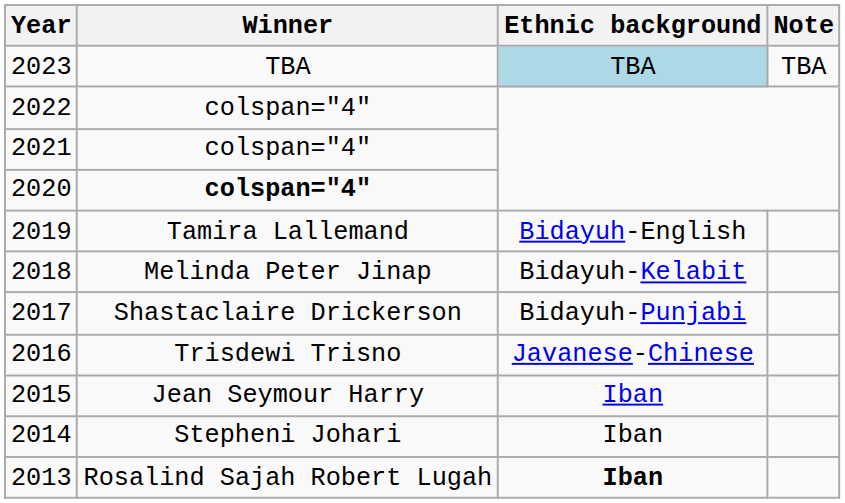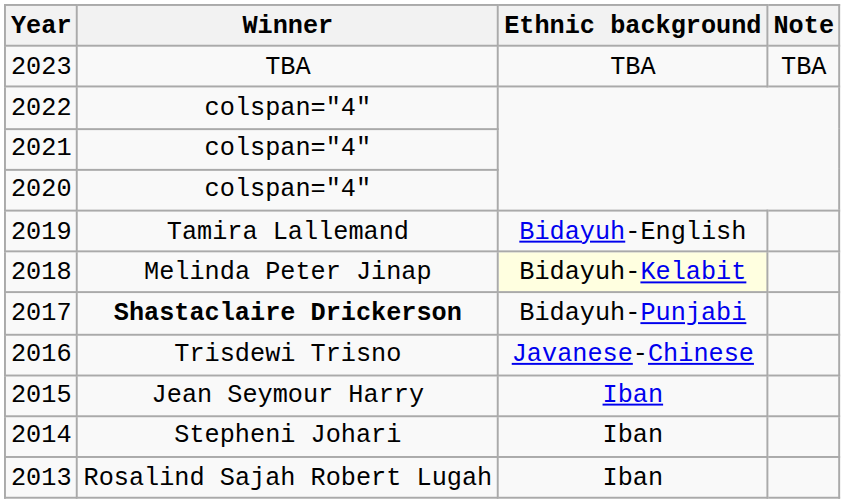 <table class="wikitable" style="text-align:center">
 <tr>
 <th>Year</th>
 <th>Winner</th>
 <th>Ethnic background</th>
 <th>Note</th>
 </tr>
 <tr>
 <td>2023</td>
 <td>TBA</td>
-<td style="background: lightblue;">TBA</td>
+<td>TBA</td>
 <td>TBA</td>
 </tr>
 <tr>
 <td>2022</td>
 <td>colspan="4" </td>
 </tr>
 <tr>
 <td>2021</td>
 <td>colspan="4" </td>
 </tr>
 <tr>
 <td>2020</td>
-<td><strong>colspan="4" </strong></td>
+<td>colspan="4" </td>
 </tr>
 <tr>
 <td>2019</td>
 <td>Tamira Lallemand</td>
 <td><a href='#'>Bidayuh</a>-English</td>
 <td></td>
 </tr>
 <tr>
 <td>2018</td>
 <td>Melinda Peter Jinap</td>
-<td>Bidayuh-<a href='#'>Kelabit</a></td>
+<td style="background: lightyellow;">Bidayuh-<a href='#'>Kelabit</a></td>
 <td></td>
 </tr>
 <tr>
 <td>2017</td>
-<td>Shastaclaire Drickerson</td>
+<td><strong>Shastaclaire Drickerson</strong></td>
 <td>Bidayuh-<a href='#'>Punjabi</a></td>
 <td></td>
 </tr>
 <tr>
 <td>2016</td>
 <td>Trisdewi Trisno</td>
 <td><a href='#'>Javanese</a>-<a href='#'>Chinese</a></td>
 <td></td>
 </tr>
 <tr>
 <td>2015</td>
 <td>Jean Seymour Harry</td>
 <td><a href='#'>Iban</a></td>
 <td></td>
 </tr>
 <tr>
 <td>2014</td>
 <td>Stepheni Johari</td>
 <td>Iban</td>
 <td></td>
 </tr>
 <tr>
 <td>2013</td>
 <td>Rosalind Sajah Robert Lugah</td>
-<td><strong>Iban</strong></td>
+<td>Iban</td>
 <td></td>
 </tr>
 </table>
